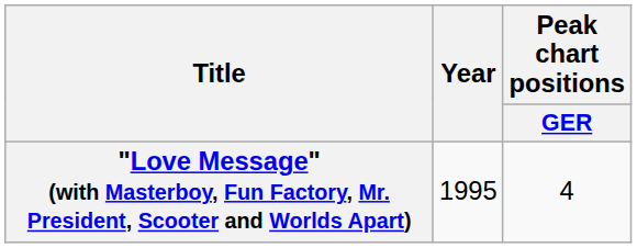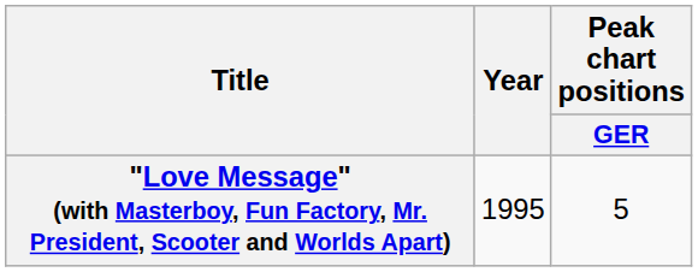 <table class="wikitable plainrowheaders" style="text-align:center;">
 <tr>
 <th scope="col" rowspan="2" style="width:16em;">Title</th>
 <th scope="col" rowspan="2">Year</th>
 <th scope="col" colspan="1">Peak chart positions</th>
 </tr>
 <tr>
 <th style="width:3em;font-size:90%"><a href='#'>GER</a><br></th>
 </tr>
 <tr>
 <th scope="row">"<a href='#'>Love Message</a>" <br><small>(with <a href='#'>Masterboy</a>, <a href='#'>Fun Factory</a>, <a href='#'>Mr. President</a>, <a href='#'>Scooter</a> and <a href='#'>Worlds Apart</a>)</small></th>
 <td>1995</td>
-<td>4</td>
+<td>5</td>
 </tr>
 </table>
